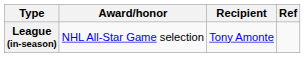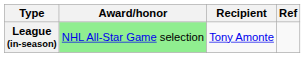 <table class="wikitable">
 <tr>
 <th scope="col">Type</th>
 <th scope="col">Award/honor</th>
 <th scope="col">Recipient</th>
 <th scope="col">Ref</th>
 </tr>
 <tr>
 <th scope="row">League<br><small>(in-season)</small></th>
-<td><a href='#'>NHL All-Star Game</a> selection</td>
+<td style="background: lightgreen;"><a href='#'>NHL All-Star Game</a> selection</td>
 <td><a href='#'>Tony Amonte</a></td>
 <td></td>
 </tr>
 </table>
